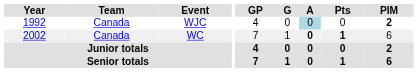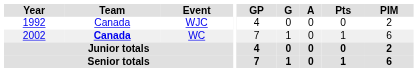 <table border="0" cellpadding="1" cellspacing="0" ID="Table3" style="text-align:center; width:40em">
 <tr bgcolor="#e0e0e0">
 <th>Year</th>
 <th>Team</th>
 <th>Event</th>
 <th rowspan="102" bgcolor="#ffffff"></th>
 <th>GP</th>
 <th>G</th>
 <th>A</th>
 <th>Pts</th>
 <th>PIM</th>
 </tr>
 <tr>
 <td><a href='#'>1992</a></td>
 <td><a href='#'>Canada</a></td>
 <td><a href='#'>WJC</a></td>
 <td>4</td>
 <td>0</td>
-<td style="background: lightblue;">0</td>
 <td>0</td>
-<td><strong>2</strong></td>
+<td>0</td>
+<td>2</td>
 </tr>
 <tr bgcolor="#f0f0f0">
 <td><a href='#'>2002</a></td>
-<td><a href='#'>Canada</a></td>
+<td><strong><a href='#'>Canada</a></strong></td>
 <td><a href='#'>WC</a></td>
 <td>7</td>
 <td>1</td>
-<td><strong>0</strong></td>
-<td><strong>1</strong></td>
+<td>0</td>
+<td>1</td>
 <td>6</td>
 </tr>
 <tr bgcolor="#e0e0e0">
 <th colspan="3">Junior totals</th>
 <th>4</th>
 <th>0</th>
 <th>0</th>
 <th>0</th>
 <th>2</th>
 </tr>
 <tr bgcolor="#e0e0e0">
 <th colspan="3">Senior totals</th>
 <th>7</th>
 <th>1</th>
 <th>0</th>
 <th>1</th>
 <th>6</th>
 </tr>
 </table>
